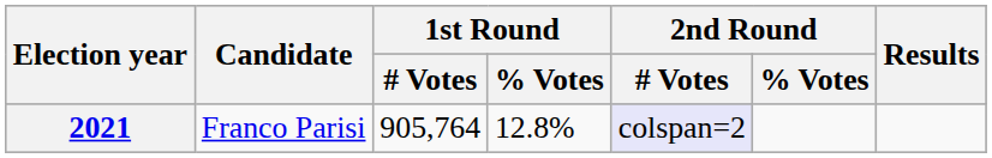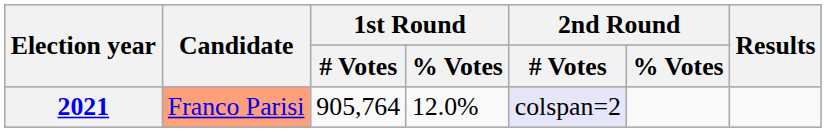 <table class="wikitable">
 <tr>
 <th rowspan=2>Election year</th>
 <th rowspan=2>Candidate</th>
 <th colspan=2>1st Round</th>
 <th colspan=2>2nd Round</th>
 <th rowspan=2>Results</th>
 </tr>
 <tr>
 <th># Votes</th>
 <th>% Votes</th>
 <th># Votes</th>
 <th>% Votes</th>
 </tr>
 <tr>
 <th><a href='#'>2021</a></th>
-<td><a href='#'>Franco Parisi</a></td>
+<td style="background: lightsalmon;"><a href='#'>Franco Parisi</a></td>
 <td>905,764</td>
-<td>12.8%</td>
+<td>12.0%</td>
 <td style="background: lavender;">colspan=2 </td>
 <td></td>
 </tr>
 </table>
